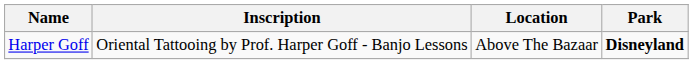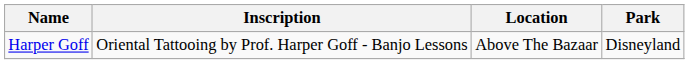 <table class="wikitable" style="font-size: 95%">
 <tr>
 <th>Name</th>
 <th>Inscription</th>
 <th>Location</th>
 <th>Park</th>
 </tr>
 <tr>
 <td><a href='#'>Harper Goff</a></td>
 <td>Oriental Tattooing by Prof. Harper Goff - Banjo Lessons</td>
 <td>Above The Bazaar</td>
-<td><strong>Disneyland</strong></td>
+<td>Disneyland</td>
 </tr>
 <tr>
 </tr>
 </table>
